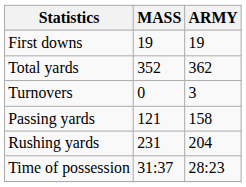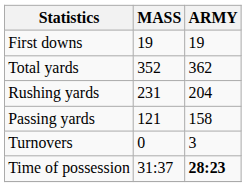 <table class="wikitable" style="float: left;">
 <tr>
 <th>Statistics</th>
 <th>MASS</th>
 <th>ARMY</th>
 </tr>
 <tr>
 <td>First downs</td>
 <td>19</td>
 <td>19</td>
 </tr>
 <tr>
 <td>Total yards</td>
 <td>352</td>
 <td>362</td>
 </tr>
 <tr>
-<td>Turnovers</td>
-<td>0</td>
-<td>3</td>
+<td>Rushing yards</td>
+<td>231</td>
+<td>204</td>
 </tr>
 <tr>
 <td>Passing yards</td>
 <td>121</td>
 <td>158</td>
 </tr>
 <tr>
-<td>Rushing yards</td>
-<td>231</td>
-<td>204</td>
+<td>Turnovers</td>
+<td>0</td>
+<td>3</td>
 </tr>
 <tr>
 <td>Time of possession</td>
 <td>31:37</td>
-<td>28:23</td>
+<td><strong>28:23</strong></td>
 </tr>
 <tr>
 </tr>
 </table>
